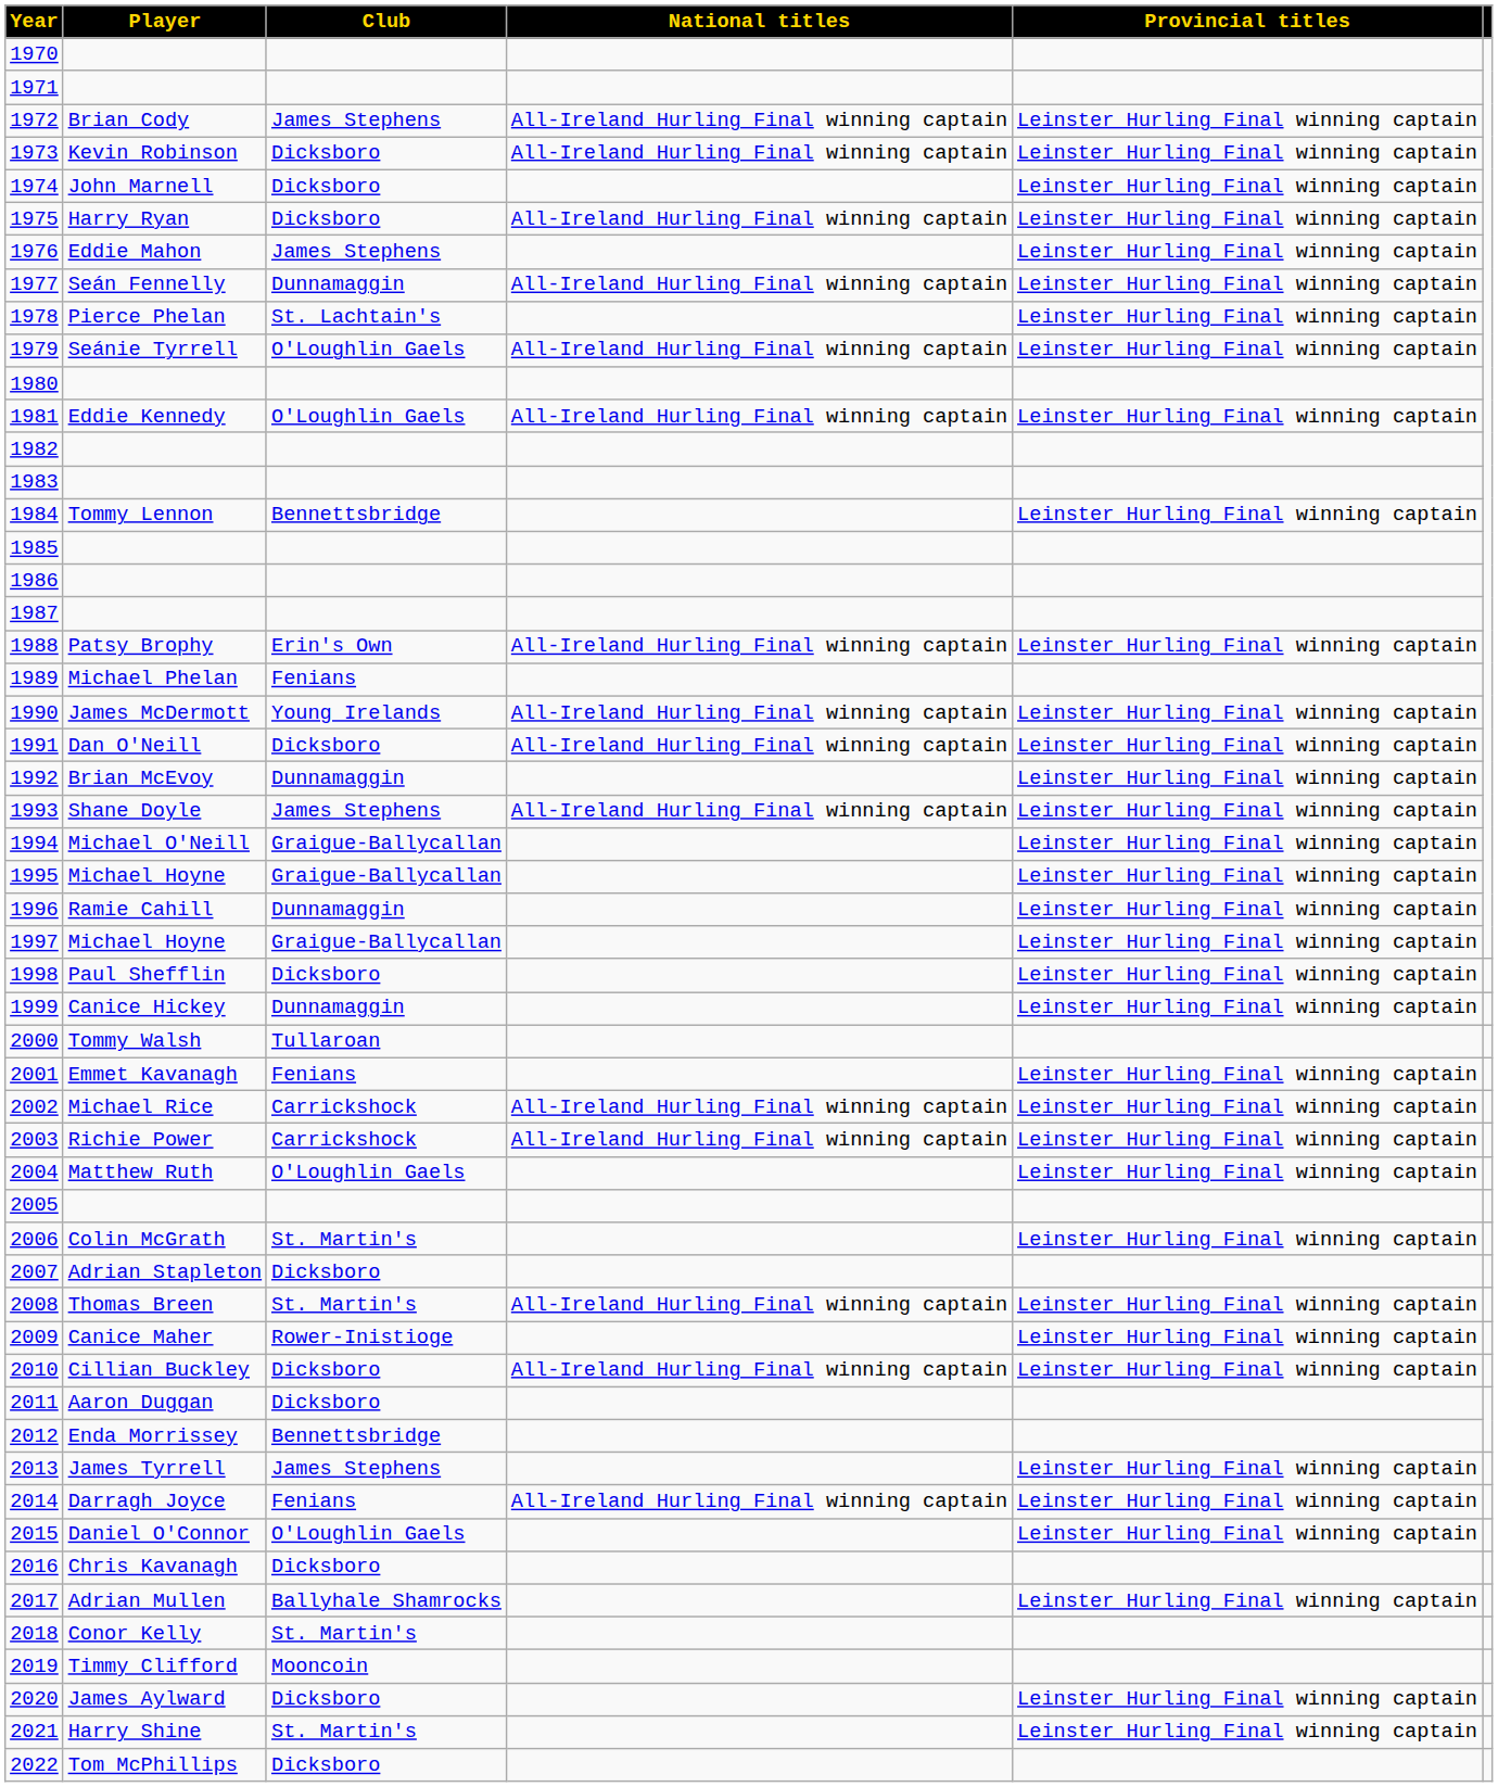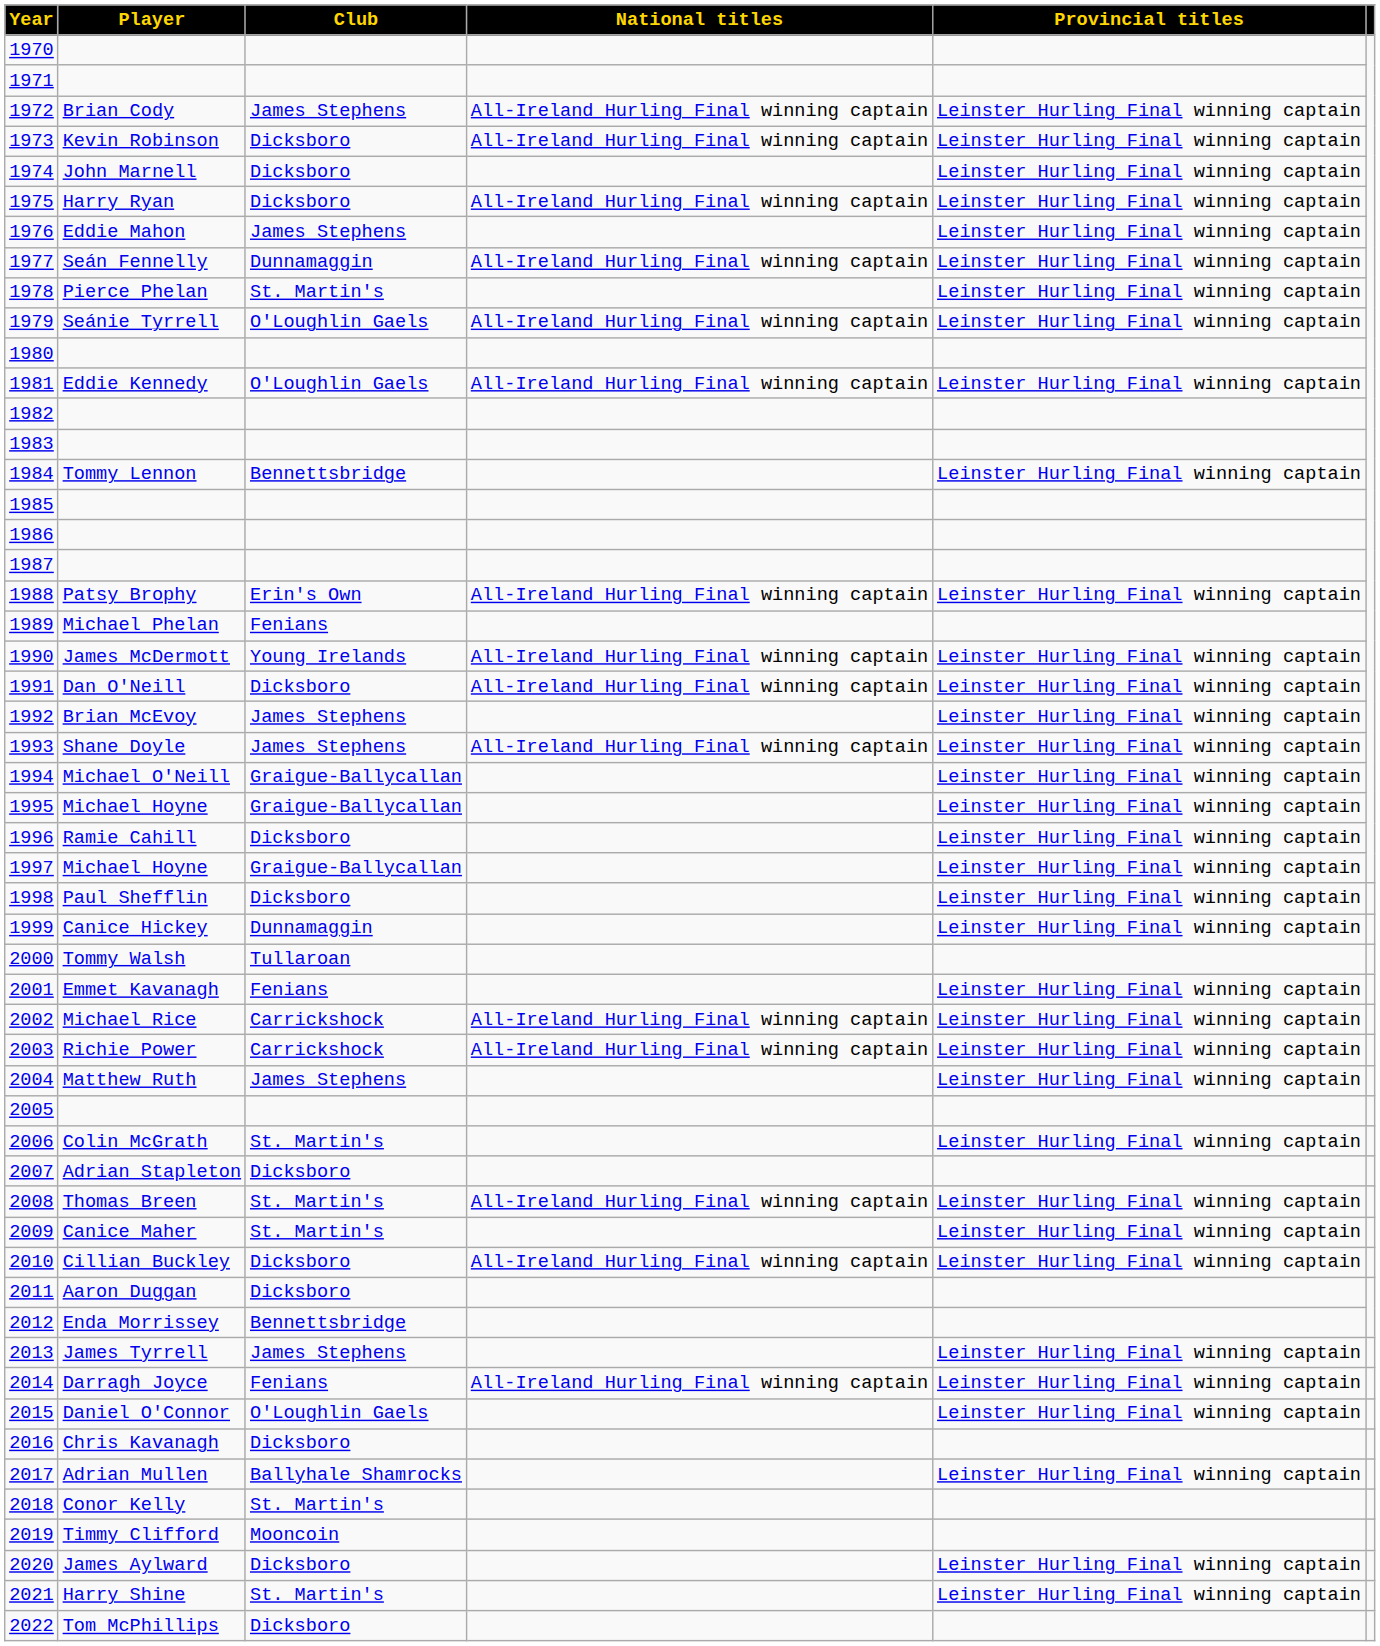 <table class="wikitable">
 <tr style="text-align:center;background:black;color:gold;">
 <td><strong>Year</strong></td>
 <td><strong>Player</strong></td>
 <td><strong>Club</strong></td>
 <td><strong>National titles</strong></td>
 <td><strong>Provincial titles</strong></td>
 <td></td>
 </tr>
 <tr>
 <td><a href='#'>1970</a></td>
 <td style="text-align:left;"></td>
 <td></td>
 <td></td>
 <td></td>
 </tr>
 <tr>
 <td><a href='#'>1971</a></td>
 <td style="text-align:left;"></td>
 <td></td>
 <td></td>
 <td></td>
 </tr>
 <tr>
 <td><a href='#'>1972</a></td>
 <td style="text-align:left;"><a href='#'>Brian Cody</a></td>
 <td><a href='#'>James Stephens</a></td>
 <td><a href='#'>All-Ireland Hurling Final</a> winning captain</td>
 <td><a href='#'>Leinster Hurling Final</a> winning captain</td>
 </tr>
 <tr>
 <td><a href='#'>1973</a></td>
 <td style="text-align:left;"><a href='#'>Kevin Robinson</a></td>
 <td><a href='#'>Dicksboro</a></td>
 <td><a href='#'>All-Ireland Hurling Final</a> winning captain</td>
 <td><a href='#'>Leinster Hurling Final</a> winning captain</td>
 </tr>
 <tr>
 <td><a href='#'>1974</a></td>
 <td style="text-align:left;"><a href='#'>John Marnell</a></td>
 <td><a href='#'>Dicksboro</a></td>
 <td></td>
 <td><a href='#'>Leinster Hurling Final</a> winning captain</td>
 </tr>
 <tr>
 <td><a href='#'>1975</a></td>
 <td style="text-align:left;"><a href='#'>Harry Ryan</a></td>
 <td><a href='#'>Dicksboro</a></td>
 <td><a href='#'>All-Ireland Hurling Final</a> winning captain</td>
 <td><a href='#'>Leinster Hurling Final</a> winning captain</td>
 </tr>
 <tr>
 <td><a href='#'>1976</a></td>
 <td style="text-align:left;"><a href='#'>Eddie Mahon</a></td>
 <td><a href='#'>James Stephens</a></td>
 <td></td>
 <td><a href='#'>Leinster Hurling Final</a> winning captain</td>
 </tr>
 <tr>
 <td><a href='#'>1977</a></td>
 <td style="text-align:left;"><a href='#'>Seán Fennelly</a></td>
 <td><a href='#'>Dunnamaggin</a></td>
 <td><a href='#'>All-Ireland Hurling Final</a> winning captain</td>
 <td><a href='#'>Leinster Hurling Final</a> winning captain</td>
 </tr>
 <tr>
 <td><a href='#'>1978</a></td>
 <td style="text-align:left;"><a href='#'>Pierce Phelan</a></td>
-<td><a href='#'>St. Lachtain's</a></td>
+<td><a href='#'>St. Martin's</a></td>
 <td></td>
 <td><a href='#'>Leinster Hurling Final</a> winning captain</td>
 </tr>
 <tr>
 <td><a href='#'>1979</a></td>
 <td style="text-align:left;"><a href='#'>Seánie Tyrrell</a></td>
 <td><a href='#'>O'Loughlin Gaels</a></td>
 <td><a href='#'>All-Ireland Hurling Final</a> winning captain</td>
 <td><a href='#'>Leinster Hurling Final</a> winning captain</td>
 </tr>
 <tr>
 <td><a href='#'>1980</a></td>
 <td style="text-align:left;"></td>
 <td></td>
 <td></td>
 <td></td>
 </tr>
 <tr>
 <td><a href='#'>1981</a></td>
 <td style="text-align:left;"><a href='#'>Eddie Kennedy</a></td>
 <td><a href='#'>O'Loughlin Gaels</a></td>
 <td><a href='#'>All-Ireland Hurling Final</a> winning captain</td>
 <td><a href='#'>Leinster Hurling Final</a> winning captain</td>
 </tr>
 <tr>
 <td><a href='#'>1982</a></td>
 <td style="text-align:left;"></td>
 <td></td>
 <td></td>
 <td></td>
 </tr>
 <tr>
 <td><a href='#'>1983</a></td>
 <td style="text-align:left;"></td>
 <td></td>
 <td></td>
 <td></td>
 </tr>
 <tr>
 <td><a href='#'>1984</a></td>
 <td style="text-align:left;"><a href='#'>Tommy Lennon</a></td>
 <td><a href='#'>Bennettsbridge</a></td>
 <td></td>
 <td><a href='#'>Leinster Hurling Final</a> winning captain</td>
 </tr>
 <tr>
 <td><a href='#'>1985</a></td>
 <td style="text-align:left;"></td>
 <td></td>
 <td></td>
 <td></td>
 </tr>
 <tr>
 <td><a href='#'>1986</a></td>
 <td style="text-align:left;"></td>
 <td></td>
 <td></td>
 <td></td>
 </tr>
 <tr>
 <td><a href='#'>1987</a></td>
 <td style="text-align:left;"></td>
 <td></td>
 <td></td>
 <td></td>
 </tr>
 <tr>
 <td><a href='#'>1988</a></td>
 <td style="text-align:left;"><a href='#'>Patsy Brophy</a></td>
 <td><a href='#'>Erin's Own</a></td>
 <td><a href='#'>All-Ireland Hurling Final</a> winning captain</td>
 <td><a href='#'>Leinster Hurling Final</a> winning captain</td>
 </tr>
 <tr>
 <td><a href='#'>1989</a></td>
 <td style="text-align:left;"><a href='#'>Michael Phelan</a></td>
 <td><a href='#'>Fenians</a></td>
 <td></td>
 <td></td>
 </tr>
 <tr>
 <td><a href='#'>1990</a></td>
 <td style="text-align:left;"><a href='#'>James McDermott</a></td>
 <td><a href='#'>Young Irelands</a></td>
 <td><a href='#'>All-Ireland Hurling Final</a> winning captain</td>
 <td><a href='#'>Leinster Hurling Final</a> winning captain</td>
 </tr>
 <tr>
 <td><a href='#'>1991</a></td>
 <td style="text-align:left;"><a href='#'>Dan O'Neill</a></td>
 <td><a href='#'>Dicksboro</a></td>
 <td><a href='#'>All-Ireland Hurling Final</a> winning captain</td>
 <td><a href='#'>Leinster Hurling Final</a> winning captain</td>
 </tr>
 <tr>
 <td><a href='#'>1992</a></td>
 <td style="text-align:left;"><a href='#'>Brian McEvoy</a></td>
-<td><a href='#'>Dunnamaggin</a></td>
+<td><a href='#'>James Stephens</a></td>
 <td></td>
 <td><a href='#'>Leinster Hurling Final</a> winning captain</td>
 </tr>
 <tr>
 <td><a href='#'>1993</a></td>
 <td style="text-align:left;"><a href='#'>Shane Doyle</a></td>
 <td><a href='#'>James Stephens</a></td>
 <td><a href='#'>All-Ireland Hurling Final</a> winning captain</td>
 <td><a href='#'>Leinster Hurling Final</a> winning captain</td>
 </tr>
 <tr>
 <td><a href='#'>1994</a></td>
 <td style="text-align:left;"><a href='#'>Michael O'Neill</a></td>
 <td><a href='#'>Graigue-Ballycallan</a></td>
 <td></td>
 <td><a href='#'>Leinster Hurling Final</a> winning captain</td>
 </tr>
 <tr>
 <td><a href='#'>1995</a></td>
 <td style="text-align:left;"><a href='#'>Michael Hoyne</a></td>
 <td><a href='#'>Graigue-Ballycallan</a></td>
 <td></td>
 <td><a href='#'>Leinster Hurling Final</a> winning captain</td>
 </tr>
 <tr>
 <td><a href='#'>1996</a></td>
 <td style="text-align:left;"><a href='#'>Ramie Cahill</a></td>
-<td><a href='#'>Dunnamaggin</a></td>
+<td><a href='#'>Dicksboro</a></td>
 <td></td>
 <td><a href='#'>Leinster Hurling Final</a> winning captain</td>
 </tr>
 <tr>
 <td><a href='#'>1997</a></td>
 <td style="text-align:left;"><a href='#'>Michael Hoyne</a></td>
 <td><a href='#'>Graigue-Ballycallan</a></td>
 <td></td>
 <td><a href='#'>Leinster Hurling Final</a> winning captain</td>
 </tr>
 <tr>
 <td><a href='#'>1998</a></td>
 <td style="text-align:left;"><a href='#'>Paul Shefflin</a></td>
 <td><a href='#'>Dicksboro</a></td>
 <td></td>
 <td><a href='#'>Leinster Hurling Final</a> winning captain</td>
 <td></td>
 </tr>
 <tr>
 <td><a href='#'>1999</a></td>
 <td style="text-align:left;"><a href='#'>Canice Hickey</a></td>
 <td><a href='#'>Dunnamaggin</a></td>
 <td></td>
 <td><a href='#'>Leinster Hurling Final</a> winning captain</td>
 <td></td>
 </tr>
 <tr>
 <td><a href='#'>2000</a></td>
 <td style="text-align:left;"><a href='#'>Tommy Walsh</a></td>
 <td><a href='#'>Tullaroan</a></td>
 <td></td>
 <td></td>
 </tr>
 <tr>
 <td><a href='#'>2001</a></td>
 <td style="text-align:left;"><a href='#'>Emmet Kavanagh</a></td>
 <td><a href='#'>Fenians</a></td>
 <td></td>
 <td><a href='#'>Leinster Hurling Final</a> winning captain</td>
 <td></td>
 </tr>
 <tr>
 <td><a href='#'>2002</a></td>
 <td style="text-align:left;"><a href='#'>Michael Rice</a></td>
 <td><a href='#'>Carrickshock</a></td>
 <td><a href='#'>All-Ireland Hurling Final</a> winning captain</td>
 <td><a href='#'>Leinster Hurling Final</a> winning captain</td>
 <td></td>
 </tr>
 <tr>
 <td><a href='#'>2003</a></td>
 <td style="text-align:left;"><a href='#'>Richie Power</a></td>
 <td><a href='#'>Carrickshock</a></td>
 <td><a href='#'>All-Ireland Hurling Final</a> winning captain</td>
 <td><a href='#'>Leinster Hurling Final</a> winning captain</td>
 <td></td>
 </tr>
 <tr>
 <td><a href='#'>2004</a></td>
 <td style="text-align:left;"><a href='#'>Matthew Ruth</a></td>
-<td><a href='#'>O'Loughlin Gaels</a></td>
+<td><a href='#'>James Stephens</a></td>
 <td></td>
 <td><a href='#'>Leinster Hurling Final</a> winning captain</td>
 <td></td>
 </tr>
 <tr>
 <td><a href='#'>2005</a></td>
 <td style="text-align:left;"></td>
 <td></td>
 <td></td>
 <td></td>
 </tr>
 <tr>
 <td><a href='#'>2006</a></td>
 <td style="text-align:left;"><a href='#'>Colin McGrath</a></td>
 <td><a href='#'>St. Martin's</a></td>
 <td></td>
 <td><a href='#'>Leinster Hurling Final</a> winning captain</td>
 <td></td>
 </tr>
 <tr>
 <td><a href='#'>2007</a></td>
 <td style="text-align:left;"><a href='#'>Adrian Stapleton</a></td>
 <td><a href='#'>Dicksboro</a></td>
 <td></td>
 <td></td>
 </tr>
 <tr>
 <td><a href='#'>2008</a></td>
 <td style="text-align:left;"><a href='#'>Thomas Breen</a></td>
 <td><a href='#'>St. Martin's</a></td>
 <td><a href='#'>All-Ireland Hurling Final</a> winning captain</td>
 <td><a href='#'>Leinster Hurling Final</a> winning captain</td>
 <td></td>
 </tr>
 <tr>
 <td><a href='#'>2009</a></td>
 <td style="text-align:left;"><a href='#'>Canice Maher</a></td>
-<td><a href='#'>Rower-Inistioge</a></td>
+<td><a href='#'>St. Martin's</a></td>
 <td></td>
 <td><a href='#'>Leinster Hurling Final</a> winning captain</td>
 <td></td>
 </tr>
 <tr>
 <td><a href='#'>2010</a></td>
 <td style="text-align:left;"><a href='#'>Cillian Buckley</a></td>
 <td><a href='#'>Dicksboro</a></td>
 <td><a href='#'>All-Ireland Hurling Final</a> winning captain</td>
 <td><a href='#'>Leinster Hurling Final</a> winning captain</td>
 <td></td>
 </tr>
 <tr>
 <td><a href='#'>2011</a></td>
 <td style="text-align:left;"><a href='#'>Aaron Duggan</a></td>
 <td><a href='#'>Dicksboro</a></td>
 <td></td>
 <td></td>
 </tr>
 <tr>
 <td><a href='#'>2012</a></td>
 <td style="text-align:left;"><a href='#'>Enda Morrissey</a></td>
 <td><a href='#'>Bennettsbridge</a></td>
 <td></td>
 <td></td>
 </tr>
 <tr>
 <td><a href='#'>2013</a></td>
 <td style="text-align:left;"><a href='#'>James Tyrrell</a></td>
 <td><a href='#'>James Stephens</a></td>
 <td></td>
 <td><a href='#'>Leinster Hurling Final</a> winning captain</td>
 <td></td>
 </tr>
 <tr>
 <td><a href='#'>2014</a></td>
 <td style="text-align:left;"><a href='#'>Darragh Joyce</a></td>
 <td><a href='#'>Fenians</a></td>
 <td><a href='#'>All-Ireland Hurling Final</a> winning captain</td>
 <td><a href='#'>Leinster Hurling Final</a> winning captain</td>
 <td></td>
 </tr>
 <tr>
 <td><a href='#'>2015</a></td>
 <td style="text-align:left;"><a href='#'>Daniel O'Connor</a></td>
 <td><a href='#'>O'Loughlin Gaels</a></td>
 <td></td>
 <td><a href='#'>Leinster Hurling Final</a> winning captain</td>
 <td></td>
 </tr>
 <tr>
 <td><a href='#'>2016</a></td>
 <td style="text-align:left;"><a href='#'>Chris Kavanagh</a></td>
 <td><a href='#'>Dicksboro</a></td>
 <td></td>
 <td></td>
 <td></td>
 </tr>
 <tr>
 <td><a href='#'>2017</a></td>
 <td style="text-align:left;"><a href='#'>Adrian Mullen</a></td>
 <td><a href='#'>Ballyhale Shamrocks</a></td>
 <td></td>
 <td><a href='#'>Leinster Hurling Final</a> winning captain</td>
 <td></td>
 </tr>
 <tr>
 <td><a href='#'>2018</a></td>
 <td style="text-align:left;"><a href='#'>Conor Kelly</a></td>
 <td><a href='#'>St. Martin's</a></td>
 <td></td>
 <td></td>
 <td></td>
 </tr>
 <tr>
 <td><a href='#'>2019</a></td>
 <td style="text-align:left;"><a href='#'>Timmy Clifford</a></td>
 <td><a href='#'>Mooncoin</a></td>
 <td></td>
 <td></td>
 <td></td>
 </tr>
 <tr>
 <td><a href='#'>2020</a></td>
 <td style="text-align:left;"><a href='#'>James Aylward</a></td>
 <td><a href='#'>Dicksboro</a></td>
 <td></td>
 <td><a href='#'>Leinster Hurling Final</a> winning captain</td>
 <td></td>
 </tr>
 <tr>
 <td><a href='#'>2021</a></td>
 <td style="text-align:left;"><a href='#'>Harry Shine</a></td>
 <td><a href='#'>St. Martin's</a></td>
 <td></td>
 <td><a href='#'>Leinster Hurling Final</a> winning captain</td>
 <td></td>
 </tr>
 <tr>
 <td><a href='#'>2022</a></td>
 <td style="text-align:left;"><a href='#'>Tom McPhillips</a></td>
 <td><a href='#'>Dicksboro</a></td>
 <td></td>
 <td></td>
 <td></td>
 </tr>
 </table>
